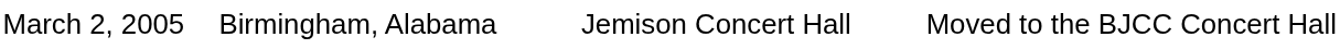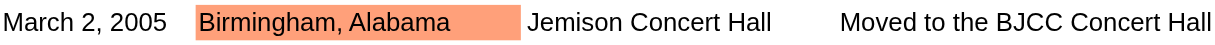 <table cellpadding="2" style="border: 0px solid darkgray">
 <tr>
 <th width="150"></th>
 <th width="250"></th>
 <th width="250"></th>
 <th width="500"></th>
 </tr>
 <tr border="0">
 <td>March 2, 2005</td>
-<td>Birmingham, Alabama</td>
+<td style="background: lightsalmon;">Birmingham, Alabama</td>
 <td>Jemison Concert Hall</td>
 <td>Moved to the BJCC Concert Hall</td>
 </tr>
 <tr>
 </tr>
 </table>
